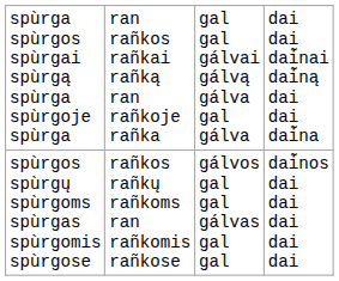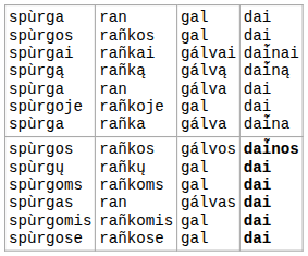 <table class=wikitable style="font-family: monospace; background:#FFFFFF">
 <tr>
 <td>spùrga<br>spùrgos<br>spùrgai<br>spùrgą<br>spùrga<br>spùrgoje<br>spùrga</td>
 <td>ran<br>rañkos<br>rañkai<br>rañką<br>ran<br>rañkoje<br>rañka</td>
 <td>gal<br>gal<br>gálvai<br>gálvą<br>gálva<br>gal<br>gálva</td>
 <td>dai<br>dai<br>dai̇̃nai<br>dai̇̃ną<br>dai<br>dai<br>dai̇̃na</td>
 </tr>
 <tr>
 <td>spùrgos<br>spùrgų<br>spùrgoms<br>spùrgas<br>spùrgomis<br>spùrgose</td>
 <td>rañkos<br>rañkų<br>rañkoms<br>ran<br>rañkomis<br>rañkose</td>
 <td>gálvos<br>gal<br>gal<br>gálvas<br>gal<br>gal</td>
-<td>dai̇̃nos<br>dai<br>dai<br>dai<br>dai<br>dai</td>
+<td><strong>dai̇̃nos<br>dai<br>dai<br>dai<br>dai<br>dai</strong></td>
 </tr>
 </table>
